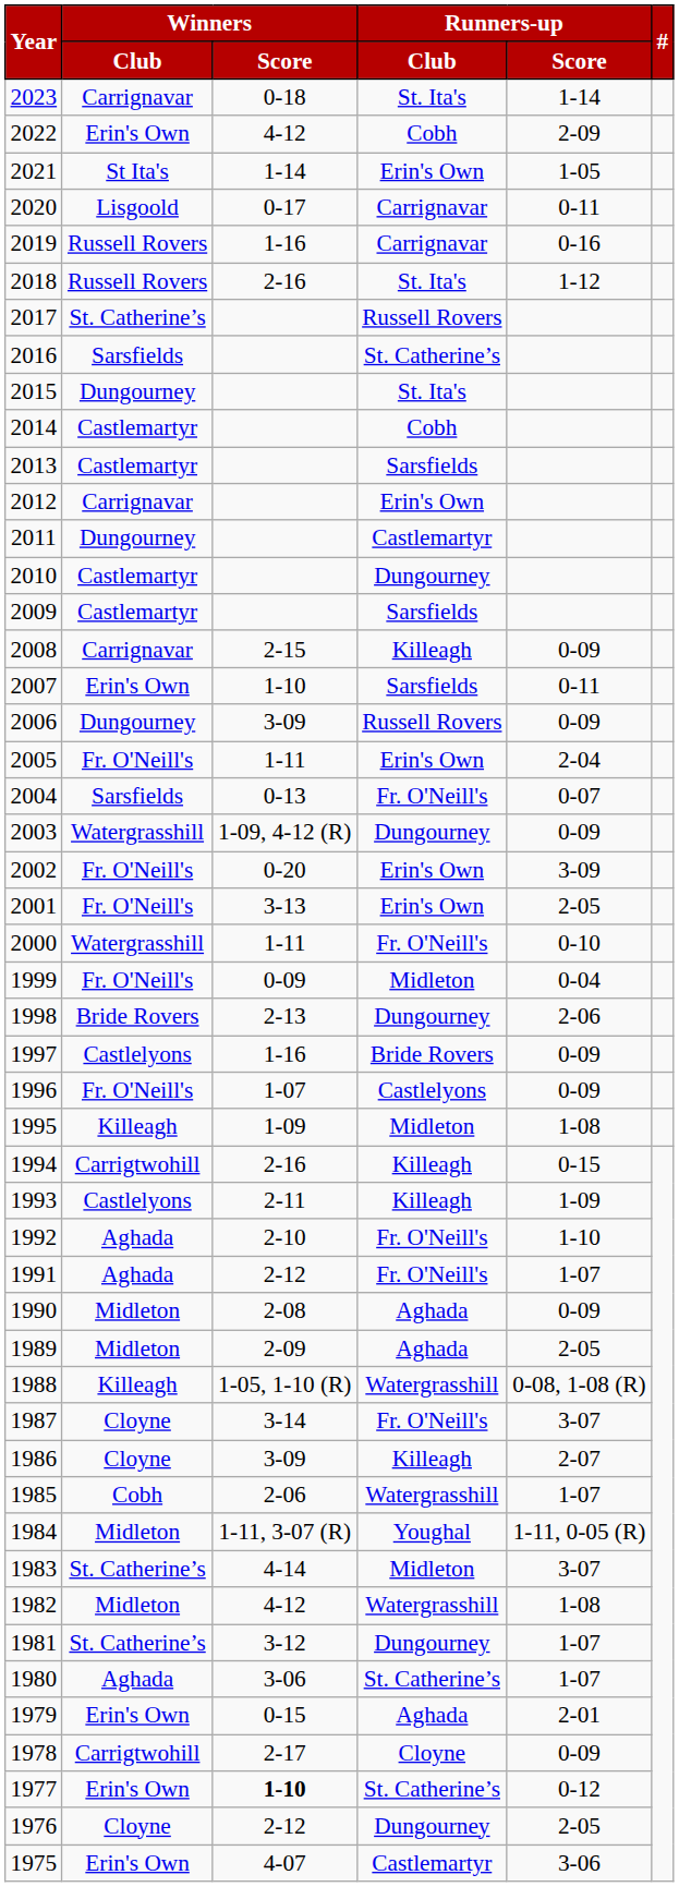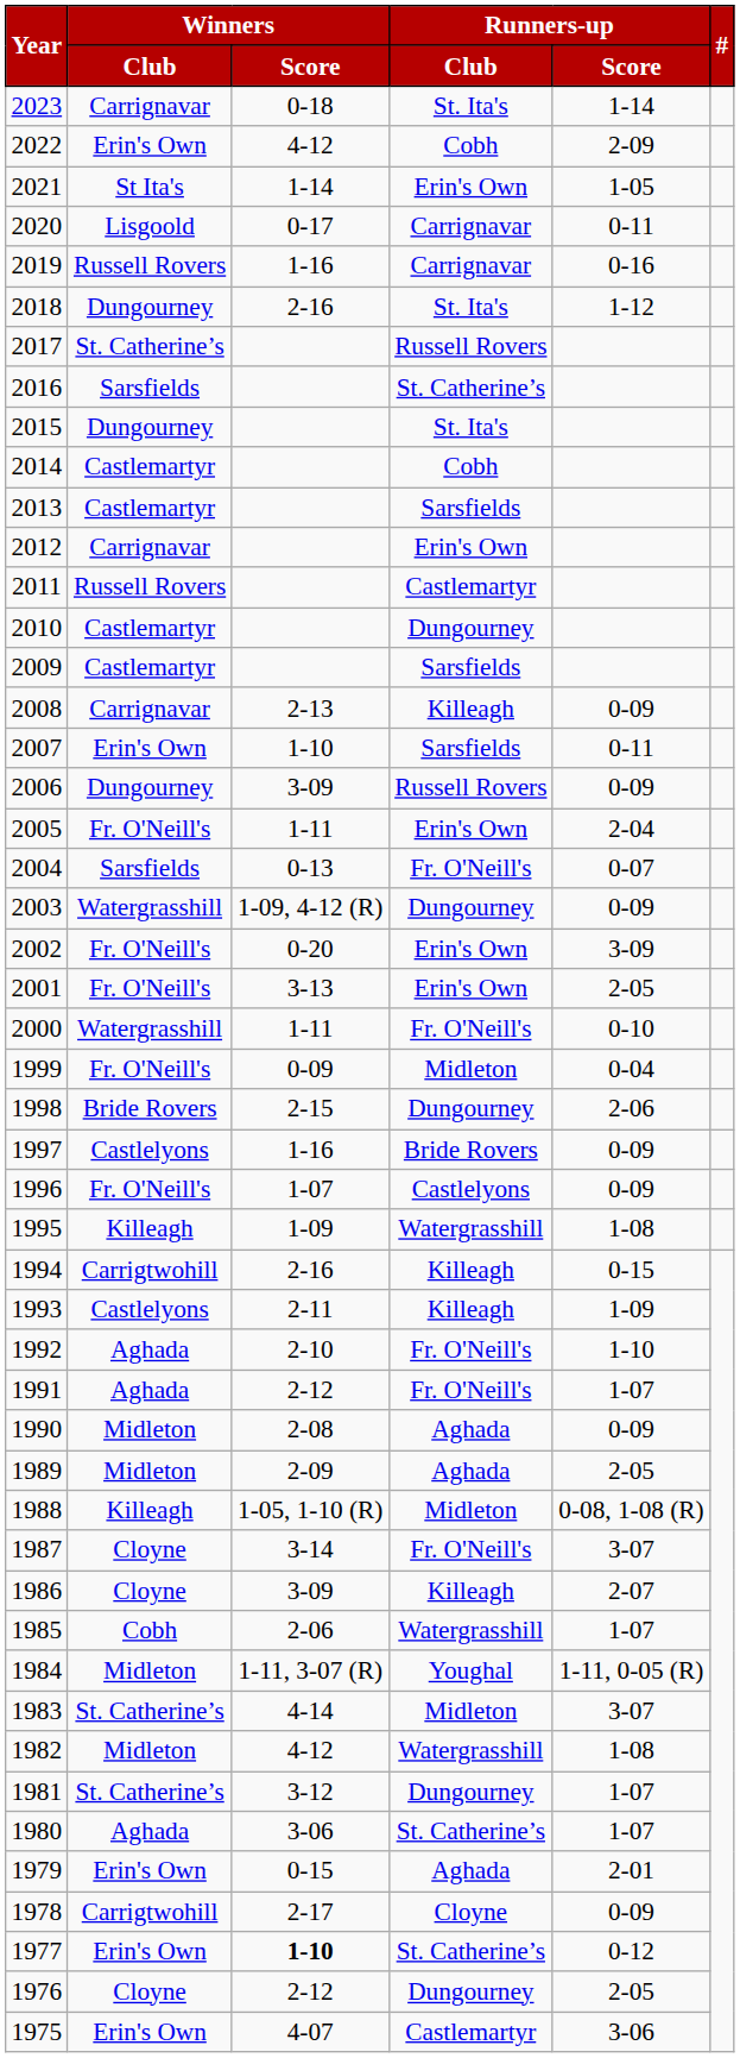 <table class="wikitable" style="text-align:center;">
 <tr>
 <th rowspan="2" style="background:#B60000;color:white;border:1px solid black">Year</th>
 <th colspan="2" style="background:#B60000;color:white;border:1px solid black">Winners</th>
 <th colspan="2" style="background:#B60000;color:white;border:1px solid black">Runners-up</th>
 <th rowspan="2" style="background:#B60000;color:white;border:1px solid black">#</th>
 </tr>
 <tr>
 <th style="background:#B60000;color:white;border:1px solid black">Club</th>
 <th style="background:#B60000;color:white;border:1px solid black">Score</th>
 <th style="background:#B60000;color:white;border:1px solid black">Club</th>
 <th style="background:#B60000;color:white;border:1px solid black">Score</th>
 </tr>
 <tr>
 <td><a href='#'>2023</a></td>
 <td><a href='#'>Carrignavar</a></td>
 <td>0-18</td>
 <td><a href='#'>St. Ita's</a></td>
 <td>1-14</td>
 <td></td>
 </tr>
 <tr>
 <td>2022</td>
 <td><a href='#'>Erin's Own</a></td>
 <td>4-12</td>
 <td><a href='#'>Cobh</a></td>
 <td>2-09</td>
 <td></td>
 </tr>
 <tr>
 <td>2021</td>
 <td><a href='#'>St Ita's</a></td>
 <td>1-14</td>
 <td><a href='#'>Erin's Own</a></td>
 <td>1-05</td>
 <td></td>
 </tr>
 <tr>
 <td>2020</td>
 <td><a href='#'>Lisgoold</a></td>
 <td>0-17</td>
 <td><a href='#'>Carrignavar</a></td>
 <td>0-11</td>
 <td></td>
 </tr>
 <tr>
 <td>2019</td>
 <td><a href='#'>Russell Rovers</a></td>
 <td>1-16</td>
 <td><a href='#'>Carrignavar</a></td>
 <td>0-16</td>
 <td></td>
 </tr>
 <tr>
 <td>2018</td>
-<td><a href='#'>Russell Rovers</a></td>
+<td><a href='#'>Dungourney</a></td>
 <td>2-16</td>
 <td><a href='#'>St. Ita's</a></td>
 <td>1-12</td>
 <td></td>
 </tr>
 <tr>
 <td>2017</td>
 <td><a href='#'>St. Catherine’s</a></td>
 <td></td>
 <td><a href='#'>Russell Rovers</a></td>
 <td></td>
 <td></td>
 </tr>
 <tr>
 <td>2016</td>
 <td><a href='#'>Sarsfields</a></td>
 <td></td>
 <td><a href='#'>St. Catherine’s</a></td>
 <td></td>
 <td></td>
 </tr>
 <tr>
 <td>2015</td>
 <td><a href='#'>Dungourney</a></td>
 <td></td>
 <td><a href='#'>St. Ita's</a></td>
 <td></td>
 <td></td>
 </tr>
 <tr>
 <td>2014</td>
 <td><a href='#'>Castlemartyr</a></td>
 <td></td>
 <td><a href='#'>Cobh</a></td>
 <td></td>
 <td></td>
 </tr>
 <tr>
 <td>2013</td>
 <td><a href='#'>Castlemartyr</a></td>
 <td></td>
 <td><a href='#'>Sarsfields</a></td>
 <td></td>
 <td></td>
 </tr>
 <tr>
 <td>2012</td>
 <td><a href='#'>Carrignavar</a></td>
 <td></td>
 <td><a href='#'>Erin's Own</a></td>
 <td></td>
 <td></td>
 </tr>
 <tr>
 <td>2011</td>
-<td><a href='#'>Dungourney</a></td>
+<td><a href='#'>Russell Rovers</a></td>
 <td></td>
 <td><a href='#'>Castlemartyr</a></td>
 <td></td>
 <td></td>
 </tr>
 <tr>
 <td>2010</td>
 <td><a href='#'>Castlemartyr</a></td>
 <td></td>
 <td><a href='#'>Dungourney</a></td>
 <td></td>
 <td></td>
 </tr>
 <tr>
 <td>2009</td>
 <td><a href='#'>Castlemartyr</a></td>
 <td></td>
 <td><a href='#'>Sarsfields</a></td>
 <td></td>
 <td></td>
 </tr>
 <tr>
 <td>2008</td>
 <td><a href='#'>Carrignavar</a></td>
-<td>2-15</td>
+<td>2-13</td>
 <td><a href='#'>Killeagh</a></td>
 <td>0-09</td>
 <td></td>
 </tr>
 <tr>
 <td>2007</td>
 <td><a href='#'>Erin's Own</a></td>
 <td>1-10</td>
 <td><a href='#'>Sarsfields</a></td>
 <td>0-11</td>
 <td></td>
 </tr>
 <tr>
 <td>2006</td>
 <td><a href='#'>Dungourney</a></td>
 <td>3-09</td>
 <td><a href='#'>Russell Rovers</a></td>
 <td>0-09</td>
 <td></td>
 </tr>
 <tr>
 <td>2005</td>
 <td><a href='#'>Fr. O'Neill's</a></td>
 <td>1-11</td>
 <td><a href='#'>Erin's Own</a></td>
 <td>2-04</td>
 <td></td>
 </tr>
 <tr>
 <td>2004</td>
 <td><a href='#'>Sarsfields</a></td>
 <td>0-13</td>
 <td><a href='#'>Fr. O'Neill's</a></td>
 <td>0-07</td>
 <td></td>
 </tr>
 <tr>
 <td>2003</td>
 <td><a href='#'>Watergrasshill</a></td>
 <td>1-09, 4-12 (R)</td>
 <td><a href='#'>Dungourney</a></td>
 <td>0-09</td>
 <td></td>
 </tr>
 <tr>
 <td>2002</td>
 <td><a href='#'>Fr. O'Neill's</a></td>
 <td>0-20</td>
 <td><a href='#'>Erin's Own</a></td>
 <td>3-09</td>
 <td></td>
 </tr>
 <tr>
 <td>2001</td>
 <td><a href='#'>Fr. O'Neill's</a></td>
 <td>3-13</td>
 <td><a href='#'>Erin's Own</a></td>
 <td>2-05</td>
 <td></td>
 </tr>
 <tr>
 <td>2000</td>
 <td><a href='#'>Watergrasshill</a></td>
 <td>1-11</td>
 <td><a href='#'>Fr. O'Neill's</a></td>
 <td>0-10</td>
 <td></td>
 </tr>
 <tr>
 <td>1999</td>
 <td><a href='#'>Fr. O'Neill's</a></td>
 <td>0-09</td>
 <td><a href='#'>Midleton</a></td>
 <td>0-04</td>
 <td></td>
 </tr>
 <tr>
 <td>1998</td>
 <td><a href='#'>Bride Rovers</a></td>
-<td>2-13</td>
+<td>2-15</td>
 <td><a href='#'>Dungourney</a></td>
 <td>2-06</td>
 <td></td>
 </tr>
 <tr>
 <td>1997</td>
 <td><a href='#'>Castlelyons</a></td>
 <td>1-16</td>
 <td><a href='#'>Bride Rovers</a></td>
 <td>0-09</td>
 <td></td>
 </tr>
 <tr>
 <td>1996</td>
 <td><a href='#'>Fr. O'Neill's</a></td>
 <td>1-07</td>
 <td><a href='#'>Castlelyons</a></td>
 <td>0-09</td>
 <td></td>
 </tr>
 <tr>
 <td>1995</td>
 <td><a href='#'>Killeagh</a></td>
 <td>1-09</td>
-<td><a href='#'>Midleton</a></td>
+<td><a href='#'>Watergrasshill</a></td>
 <td>1-08</td>
 <td></td>
 </tr>
 <tr>
 <td>1994</td>
 <td><a href='#'>Carrigtwohill</a></td>
 <td>2-16</td>
 <td><a href='#'>Killeagh</a></td>
 <td>0-15</td>
 </tr>
 <tr>
 <td>1993</td>
 <td><a href='#'>Castlelyons</a></td>
 <td>2-11</td>
 <td><a href='#'>Killeagh</a></td>
 <td>1-09</td>
 </tr>
 <tr>
 <td>1992</td>
 <td><a href='#'>Aghada</a></td>
 <td>2-10</td>
 <td><a href='#'>Fr. O'Neill's</a></td>
 <td>1-10</td>
 </tr>
 <tr>
 <td>1991</td>
 <td><a href='#'>Aghada</a></td>
 <td>2-12</td>
 <td><a href='#'>Fr. O'Neill's</a></td>
 <td>1-07</td>
 </tr>
 <tr>
 <td>1990</td>
 <td><a href='#'>Midleton</a></td>
 <td>2-08</td>
 <td><a href='#'>Aghada</a></td>
 <td>0-09</td>
 </tr>
 <tr>
 <td>1989</td>
 <td><a href='#'>Midleton</a></td>
 <td>2-09</td>
 <td><a href='#'>Aghada</a></td>
 <td>2-05</td>
 </tr>
 <tr>
 <td>1988</td>
 <td><a href='#'>Killeagh</a></td>
 <td>1-05, 1-10 (R)</td>
-<td><a href='#'>Watergrasshill</a></td>
+<td><a href='#'>Midleton</a></td>
 <td>0-08, 1-08 (R)</td>
 </tr>
 <tr>
 <td>1987</td>
 <td><a href='#'>Cloyne</a></td>
 <td>3-14</td>
 <td><a href='#'>Fr. O'Neill's</a></td>
 <td>3-07</td>
 </tr>
 <tr>
 <td>1986</td>
 <td><a href='#'>Cloyne</a></td>
 <td>3-09</td>
 <td><a href='#'>Killeagh</a></td>
 <td>2-07</td>
 </tr>
 <tr>
 <td>1985</td>
 <td><a href='#'>Cobh</a></td>
 <td>2-06</td>
 <td><a href='#'>Watergrasshill</a></td>
 <td>1-07</td>
 </tr>
 <tr>
 <td>1984</td>
 <td><a href='#'>Midleton</a></td>
 <td>1-11, 3-07 (R)</td>
 <td><a href='#'>Youghal</a></td>
 <td>1-11, 0-05 (R)</td>
 </tr>
 <tr>
 <td>1983</td>
 <td><a href='#'>St. Catherine’s</a></td>
 <td>4-14</td>
 <td><a href='#'>Midleton</a></td>
 <td>3-07</td>
 </tr>
 <tr>
 <td>1982</td>
 <td><a href='#'>Midleton</a></td>
 <td>4-12</td>
 <td><a href='#'>Watergrasshill</a></td>
 <td>1-08</td>
 </tr>
 <tr>
 <td>1981</td>
 <td><a href='#'>St. Catherine’s</a></td>
 <td>3-12</td>
 <td><a href='#'>Dungourney</a></td>
 <td>1-07</td>
 </tr>
 <tr>
 <td>1980</td>
 <td><a href='#'>Aghada</a></td>
 <td>3-06</td>
 <td><a href='#'>St. Catherine’s</a></td>
 <td>1-07</td>
 </tr>
 <tr>
 <td>1979</td>
 <td><a href='#'>Erin's Own</a></td>
 <td>0-15</td>
 <td><a href='#'>Aghada</a></td>
 <td>2-01</td>
 </tr>
 <tr>
 <td>1978</td>
 <td><a href='#'>Carrigtwohill</a></td>
 <td>2-17</td>
 <td><a href='#'>Cloyne</a></td>
 <td>0-09</td>
 </tr>
 <tr>
 <td>1977</td>
 <td><a href='#'>Erin's Own</a></td>
 <td><strong>1-10</strong></td>
 <td><a href='#'>St. Catherine’s</a></td>
 <td>0-12</td>
 </tr>
 <tr>
 <td>1976</td>
 <td><a href='#'>Cloyne</a></td>
 <td>2-12</td>
 <td><a href='#'>Dungourney</a></td>
 <td>2-05</td>
 </tr>
 <tr>
 <td>1975</td>
 <td><a href='#'>Erin's Own</a></td>
 <td>4-07</td>
 <td><a href='#'>Castlemartyr</a></td>
 <td>3-06</td>
 </tr>
 </table>
